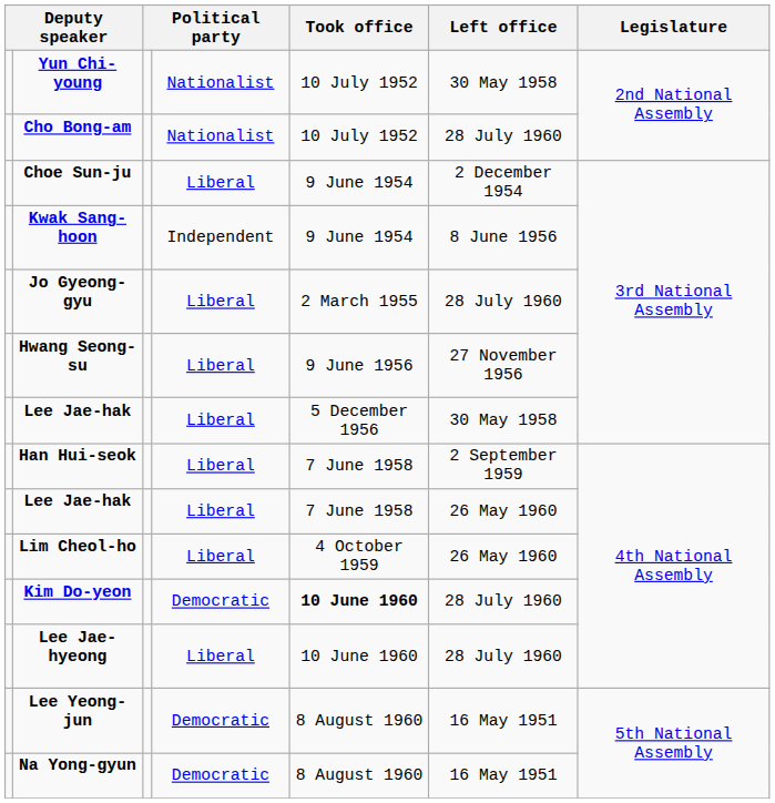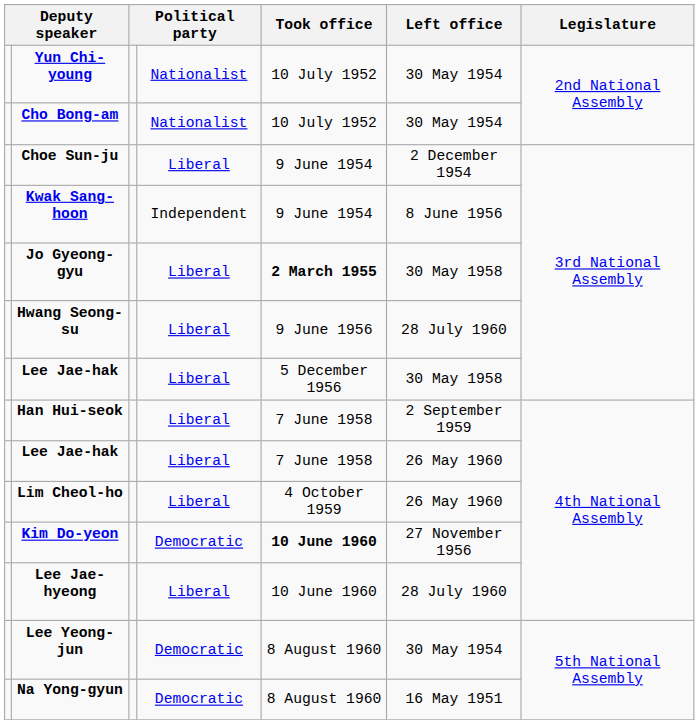 <table class="wikitable" style="text-align:center; border:1px #AAAAFF solid">
 <tr>
 <th colspan="2" align="center" width="0">Deputy speaker</th>
 <th colspan="2" align="center" width="0">Political party</th>
 <th align="center" width="0">Took office</th>
 <th>Left office</th>
 <th>Legislature</th>
 </tr>
 <tr>
 <td></td>
 <td><strong><a href='#'>Yun Chi-young</a></strong><br><br></td>
 <td style="background:"></td>
 <td><a href='#'>Nationalist</a></td>
 <td>10 July 1952</td>
-<td>30 May 1958</td>
+<td>30 May 1954</td>
 <td rowspan="2"><a href='#'>2nd National Assembly</a></td>
 </tr>
 <tr>
 <td></td>
 <td><strong><a href='#'>Cho Bong-am</a></strong><br><br></td>
 <td style="background:"></td>
 <td><a href='#'>Nationalist</a></td>
 <td>10 July 1952</td>
-<td>28 July 1960</td>
+<td>30 May 1954</td>
 </tr>
 <tr>
 <td></td>
 <td><strong>Choe Sun-ju</strong><br><br></td>
 <td style="background:"></td>
 <td><a href='#'>Liberal</a></td>
 <td>9 June 1954</td>
 <td>2 December 1954</td>
 <td rowspan="5"><a href='#'>3rd National Assembly</a></td>
 </tr>
 <tr>
 <td></td>
 <td><strong><a href='#'>Kwak Sang-hoon</a></strong><br><br></td>
 <td style="background:"></td>
 <td>Independent</td>
 <td>9 June 1954</td>
 <td>8 June 1956</td>
 </tr>
 <tr>
 <td></td>
 <td><strong>Jo Gyeong-gyu</strong><br><br></td>
 <td style="background:"></td>
 <td><a href='#'>Liberal</a></td>
-<td>2 March 1955</td>
-<td>28 July 1960</td>
+<td><strong>2 March 1955</strong></td>
+<td>30 May 1958</td>
 </tr>
 <tr>
 <td></td>
 <td><strong>Hwang Seong-su</strong><br><br></td>
 <td style="background:"></td>
 <td><a href='#'>Liberal</a></td>
 <td>9 June 1956</td>
-<td>27 November 1956</td>
+<td>28 July 1960</td>
 </tr>
 <tr>
 <td></td>
 <td><strong>Lee Jae-hak</strong><br><br></td>
 <td style="background:"></td>
 <td><a href='#'>Liberal</a></td>
 <td>5 December 1956</td>
 <td>30 May 1958</td>
 </tr>
 <tr>
 <td></td>
 <td><strong>Han Hui-seok</strong><br><br></td>
 <td style="background:"></td>
 <td><a href='#'>Liberal</a></td>
 <td>7 June 1958</td>
 <td>2 September 1959</td>
 <td rowspan="5"><a href='#'>4th National Assembly</a></td>
 </tr>
 <tr>
 <td></td>
 <td><strong>Lee Jae-hak</strong><br><br></td>
 <td style="background:"></td>
 <td><a href='#'>Liberal</a></td>
 <td>7 June 1958</td>
 <td>26 May 1960</td>
 </tr>
 <tr>
 <td></td>
 <td><strong>Lim Cheol-ho</strong><br><br></td>
 <td style="background:"></td>
 <td><a href='#'>Liberal</a></td>
 <td>4 October 1959</td>
 <td>26 May 1960</td>
 </tr>
 <tr>
 <td></td>
 <td><a href='#'><strong>Kim Do-yeon</strong></a><br><br></td>
 <td style="background:"></td>
 <td><a href='#'>Democratic</a></td>
 <td><strong>10 June 1960</strong></td>
-<td>28 July 1960</td>
+<td>27 November 1956</td>
 </tr>
 <tr>
 <td></td>
 <td><strong>Lee Jae-hyeong</strong><br><br></td>
 <td style="background:"></td>
 <td><a href='#'>Liberal</a></td>
 <td>10 June 1960</td>
 <td>28 July 1960</td>
 </tr>
 <tr>
 <td></td>
 <td><strong>Lee Yeong-jun</strong><br><br></td>
 <td style="background:"></td>
 <td><a href='#'>Democratic</a></td>
 <td>8 August 1960</td>
-<td>16 May 1951</td>
+<td>30 May 1954</td>
 <td rowspan="2"><a href='#'>5th National Assembly</a></td>
 </tr>
 <tr>
 <td></td>
 <td><strong>Na Yong-gyun</strong><br><br></td>
 <td style="background:"></td>
 <td><a href='#'>Democratic</a></td>
 <td>8 August 1960</td>
 <td>16 May 1951</td>
 </tr>
 </table>
